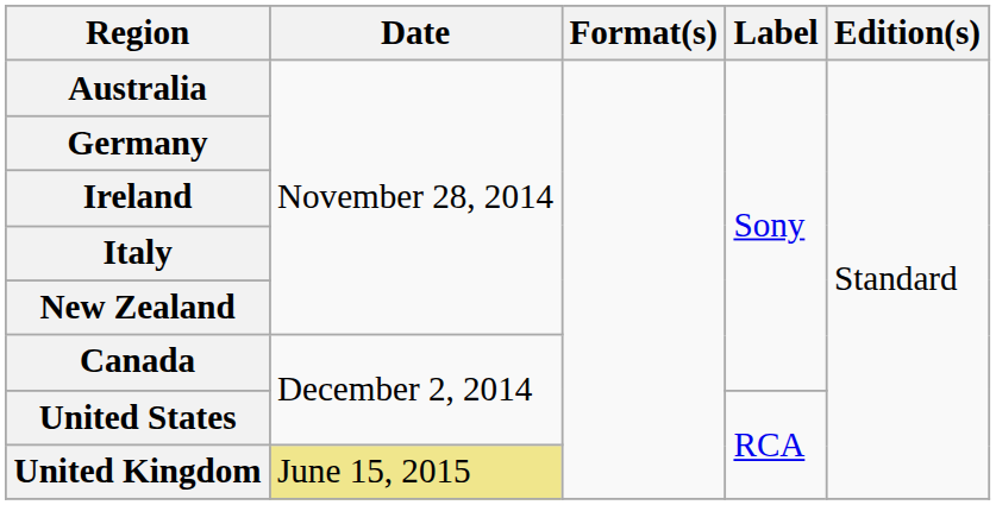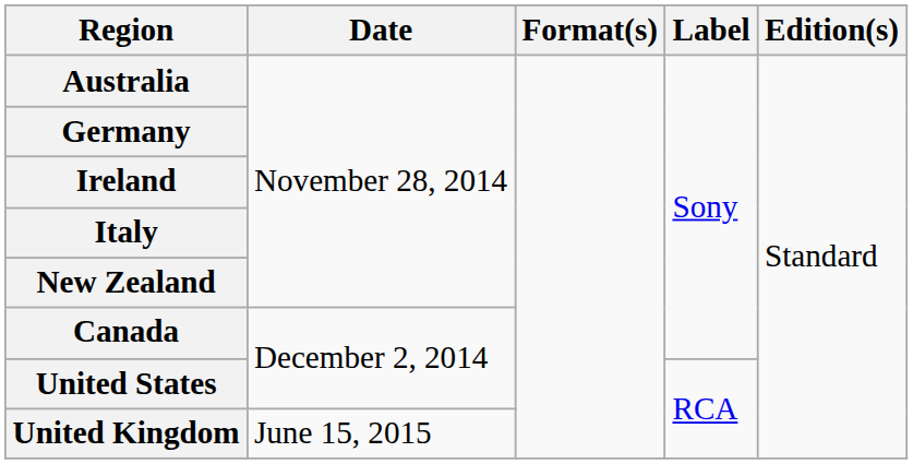 <table class="wikitable plainrowheaders">
 <tr>
 <th scope="col">Region</th>
 <th scope="col">Date</th>
 <th scope="col">Format(s)</th>
 <th scope="col">Label</th>
 <th scope="col">Edition(s)</th>
 </tr>
 <tr>
 <th scope="row">Australia</th>
 <td rowspan="5">November 28, 2014</td>
 <td rowspan="8"></td>
 <td rowspan="6"><a href='#'>Sony</a></td>
 <td rowspan="8">Standard</td>
 </tr>
 <tr>
 <th scope="row">Germany</th>
 </tr>
 <tr>
 <th scope="row">Ireland</th>
 </tr>
 <tr>
 <th scope="row">Italy</th>
 </tr>
 <tr>
 <th scope="row">New Zealand</th>
 </tr>
 <tr>
 <th scope="row">Canada</th>
 <td rowspan="2">December 2, 2014</td>
 </tr>
 <tr>
 <th scope="row">United States</th>
 <td rowspan="2"><a href='#'>RCA</a></td>
 </tr>
 <tr>
 <th scope="row">United Kingdom</th>
-<td rowspan="1" style="background: khaki;">June 15, 2015</td>
+<td rowspan="1">June 15, 2015</td>
 </tr>
 </table>
